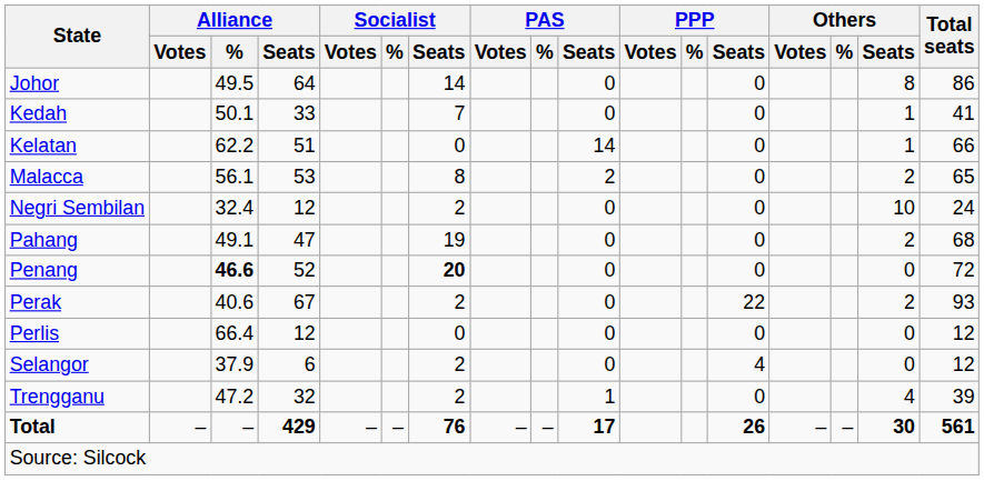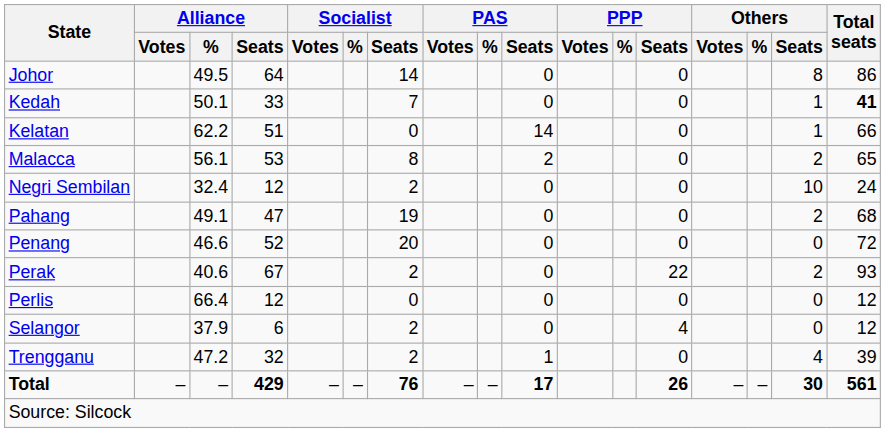 <table class=wikitable style=text-align:right>
 <tr>
 <th rowspan=2>State</th>
 <th colspan=3><a href='#'>Alliance</a></th>
 <th colspan=3><a href='#'>Socialist</a></th>
 <th colspan=3><a href='#'>PAS</a></th>
 <th colspan=3><a href='#'>PPP</a></th>
 <th colspan=3>Others</th>
 <th rowspan=2>Total<br>seats</th>
 </tr>
 <tr>
 <th>Votes</th>
 <th>%</th>
 <th>Seats</th>
 <th>Votes</th>
 <th>%</th>
 <th>Seats</th>
 <th>Votes</th>
 <th>%</th>
 <th>Seats</th>
 <th>Votes</th>
 <th>%</th>
 <th>Seats</th>
 <th>Votes</th>
 <th>%</th>
 <th>Seats</th>
 </tr>
 <tr>
 <td align=left><a href='#'>Johor</a></td>
 <td></td>
 <td>49.5</td>
 <td>64</td>
 <td></td>
 <td></td>
 <td>14</td>
 <td></td>
 <td></td>
 <td>0</td>
 <td></td>
 <td></td>
 <td>0</td>
 <td></td>
 <td></td>
 <td>8</td>
 <td>86</td>
 </tr>
 <tr>
 <td align=left><a href='#'>Kedah</a></td>
 <td></td>
 <td>50.1</td>
 <td>33</td>
 <td></td>
 <td></td>
 <td>7</td>
 <td></td>
 <td></td>
 <td>0</td>
 <td></td>
 <td></td>
 <td>0</td>
 <td></td>
 <td></td>
 <td>1</td>
-<td>41</td>
+<td><strong>41</strong></td>
 </tr>
 <tr>
 <td align=left><a href='#'>Kelatan</a></td>
 <td></td>
 <td>62.2</td>
 <td>51</td>
 <td></td>
 <td></td>
 <td>0</td>
 <td></td>
 <td></td>
 <td>14</td>
 <td></td>
 <td></td>
 <td>0</td>
 <td></td>
 <td></td>
 <td>1</td>
 <td>66</td>
 </tr>
 <tr>
 <td align=left><a href='#'>Malacca</a></td>
 <td></td>
 <td>56.1</td>
 <td>53</td>
 <td></td>
 <td></td>
 <td>8</td>
 <td></td>
 <td></td>
 <td>2</td>
 <td></td>
 <td></td>
 <td>0</td>
 <td></td>
 <td></td>
 <td>2</td>
 <td>65</td>
 </tr>
 <tr>
 <td align=left><a href='#'>Negri Sembilan</a></td>
 <td></td>
 <td>32.4</td>
 <td>12</td>
 <td></td>
 <td></td>
 <td>2</td>
 <td></td>
 <td></td>
 <td>0</td>
 <td></td>
 <td></td>
 <td>0</td>
 <td></td>
 <td></td>
 <td>10</td>
 <td>24</td>
 </tr>
 <tr>
 <td align=left><a href='#'>Pahang</a></td>
 <td></td>
 <td>49.1</td>
 <td>47</td>
 <td></td>
 <td></td>
 <td>19</td>
 <td></td>
 <td></td>
 <td>0</td>
 <td></td>
 <td></td>
 <td>0</td>
 <td></td>
 <td></td>
 <td>2</td>
 <td>68</td>
 </tr>
 <tr>
 <td align=left><a href='#'>Penang</a></td>
 <td></td>
-<td><strong>46.6</strong></td>
+<td>46.6</td>
 <td>52</td>
 <td></td>
 <td></td>
-<td><strong>20</strong></td>
+<td>20</td>
 <td></td>
 <td></td>
 <td>0</td>
 <td></td>
 <td></td>
 <td>0</td>
 <td></td>
 <td></td>
 <td>0</td>
 <td>72</td>
 </tr>
 <tr>
 <td align=left><a href='#'>Perak</a></td>
 <td></td>
 <td>40.6</td>
 <td>67</td>
 <td></td>
 <td></td>
 <td>2</td>
 <td></td>
 <td></td>
 <td>0</td>
 <td></td>
 <td></td>
 <td>22</td>
 <td></td>
 <td></td>
 <td>2</td>
 <td>93</td>
 </tr>
 <tr>
 <td align=left><a href='#'>Perlis</a></td>
 <td></td>
 <td>66.4</td>
 <td>12</td>
 <td></td>
 <td></td>
 <td>0</td>
 <td></td>
 <td></td>
 <td>0</td>
 <td></td>
 <td></td>
 <td>0</td>
 <td></td>
 <td></td>
 <td>0</td>
 <td>12</td>
 </tr>
 <tr>
 <td align=left><a href='#'>Selangor</a></td>
 <td></td>
 <td>37.9</td>
 <td>6</td>
 <td></td>
 <td></td>
 <td>2</td>
 <td></td>
 <td></td>
 <td>0</td>
 <td></td>
 <td></td>
 <td>4</td>
 <td></td>
 <td></td>
 <td>0</td>
 <td>12</td>
 </tr>
 <tr>
 <td align=left><a href='#'>Trengganu</a></td>
 <td></td>
 <td>47.2</td>
 <td>32</td>
 <td></td>
 <td></td>
 <td>2</td>
 <td></td>
 <td></td>
 <td>1</td>
 <td></td>
 <td></td>
 <td>0</td>
 <td></td>
 <td></td>
 <td>4</td>
 <td>39</td>
 </tr>
 <tr>
 <td align=left><strong>Total</strong></td>
 <td>–</td>
 <td>–</td>
 <td><strong>429</strong></td>
 <td>–</td>
 <td>–</td>
 <td><strong>76</strong></td>
 <td>–</td>
 <td>–</td>
 <td><strong>17</strong></td>
 <td></td>
 <td></td>
 <td><strong>26</strong></td>
 <td>–</td>
 <td>–</td>
 <td><strong>30</strong></td>
 <td><strong>561</strong></td>
 </tr>
 <tr>
 <td align=left colspan=17>Source: Silcock</td>
 </tr>
 </table>
